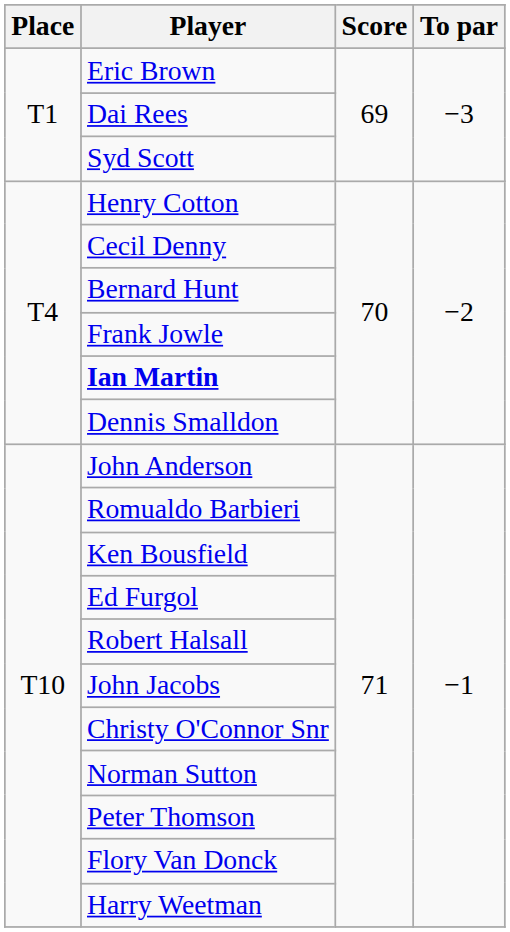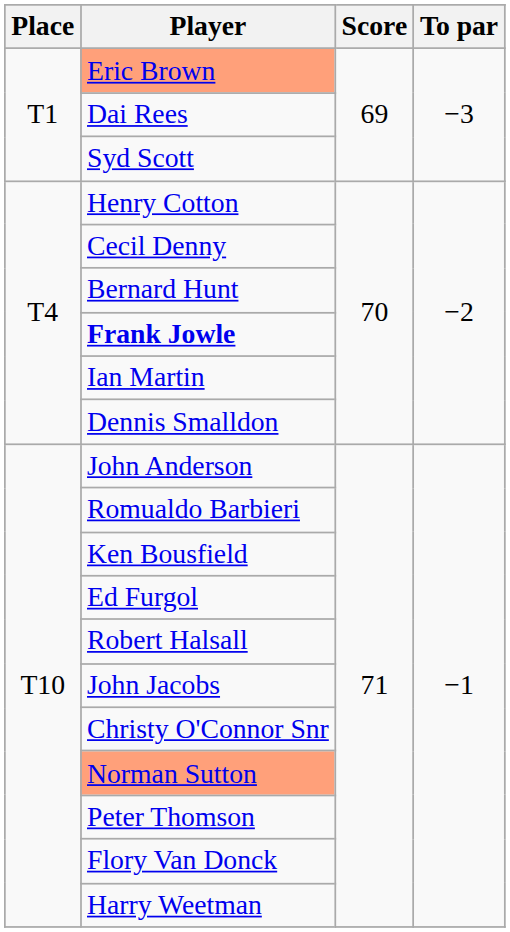 <table class="wikitable">
 <tr>
 <th>Place</th>
 <th>Player</th>
 <th>Score</th>
 <th>To par</th>
 </tr>
 <tr>
 <td rowspan="3" align=center>T1</td>
-<td> <a href='#'>Eric Brown</a></td>
+<td style="background: lightsalmon;"> <a href='#'>Eric Brown</a></td>
 <td rowspan="3" align=center>69</td>
 <td rowspan="3" align=center>−3</td>
 </tr>
 <tr>
 <td> <a href='#'>Dai Rees</a></td>
 </tr>
 <tr>
 <td> <a href='#'>Syd Scott</a></td>
 </tr>
 <tr>
 <td rowspan="6" align=center>T4</td>
 <td> <a href='#'>Henry Cotton</a></td>
 <td rowspan="6" align=center>70</td>
 <td rowspan="6" align=center>−2</td>
 </tr>
 <tr>
 <td> <a href='#'>Cecil Denny</a></td>
 </tr>
 <tr>
 <td> <a href='#'>Bernard Hunt</a></td>
 </tr>
 <tr>
-<td> <a href='#'>Frank Jowle</a></td>
+<td><strong> <a href='#'>Frank Jowle</a></strong></td>
 </tr>
 <tr>
-<td><strong> <a href='#'>Ian Martin</a></strong></td>
+<td> <a href='#'>Ian Martin</a></td>
 </tr>
 <tr>
 <td> <a href='#'>Dennis Smalldon</a></td>
 </tr>
 <tr>
 <td rowspan="11" align=center>T10</td>
 <td> <a href='#'>John Anderson</a></td>
 <td rowspan="11" align=center>71</td>
 <td rowspan="11" align=center>−1</td>
 </tr>
 <tr>
 <td> <a href='#'>Romualdo Barbieri</a></td>
 </tr>
 <tr>
 <td> <a href='#'>Ken Bousfield</a></td>
 </tr>
 <tr>
 <td> <a href='#'>Ed Furgol</a></td>
 </tr>
 <tr>
 <td> <a href='#'>Robert Halsall</a></td>
 </tr>
 <tr>
 <td> <a href='#'>John Jacobs</a></td>
 </tr>
 <tr>
 <td> <a href='#'>Christy O'Connor Snr</a></td>
 </tr>
 <tr>
-<td> <a href='#'>Norman Sutton</a></td>
+<td style="background: lightsalmon;"> <a href='#'>Norman Sutton</a></td>
 </tr>
 <tr>
 <td> <a href='#'>Peter Thomson</a></td>
 </tr>
 <tr>
 <td> <a href='#'>Flory Van Donck</a></td>
 </tr>
 <tr>
 <td> <a href='#'>Harry Weetman</a></td>
 </tr>
 </table>
